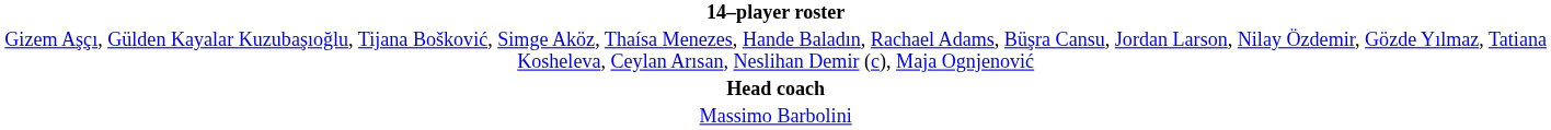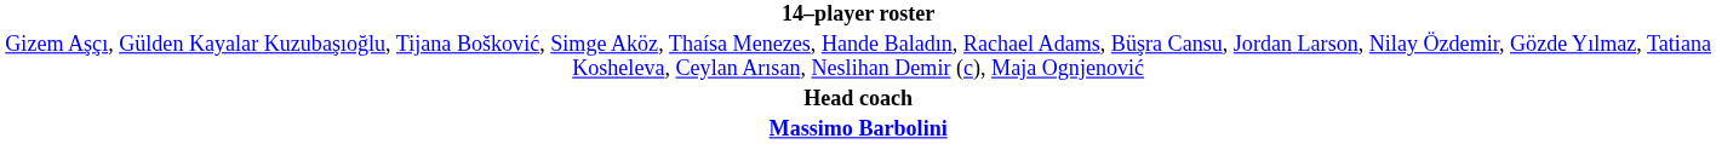 <table style="text-align:center; margin-top:2em; margin-left:auto; margin-right:auto">
 <tr>
 <td><strong>14–player roster</strong></td>
 </tr>
 <tr>
 <td><a href='#'>Gizem Aşçı</a>, <a href='#'>Gülden Kayalar Kuzubaşıoğlu</a>, <a href='#'>Tijana Bošković</a>, <a href='#'>Simge Aköz</a>, <a href='#'>Thaísa Menezes</a>, <a href='#'>Hande Baladın</a>, <a href='#'>Rachael Adams</a>, <a href='#'>Büşra Cansu</a>, <a href='#'>Jordan Larson</a>, <a href='#'>Nilay Özdemir</a>, <a href='#'>Gözde Yılmaz</a>, <a href='#'>Tatiana Kosheleva</a>, <a href='#'>Ceylan Arısan</a>, <a href='#'>Neslihan Demir</a> (<a href='#'>c</a>), <a href='#'>Maja Ognjenović</a></td>
 </tr>
 <tr>
 <td><strong>Head coach</strong></td>
 </tr>
 <tr>
-<td><a href='#'>Massimo Barbolini</a></td>
+<td><strong><a href='#'>Massimo Barbolini</a></strong></td>
 </tr>
 </table>
